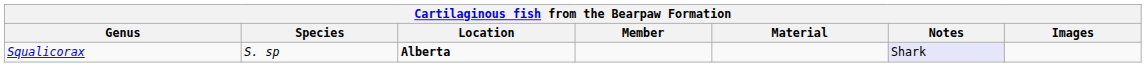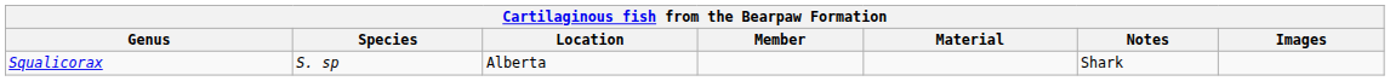 <table class="wikitable" style="margin:auto; width:100%;">
 <tr>
 <th colspan="7" align="center"><strong><a href='#'>Cartilaginous fish</a> from the Bearpaw Formation</strong></th>
 </tr>
 <tr>
 <th>Genus</th>
 <th>Species</th>
 <th>Location</th>
 <th>Member</th>
 <th>Material</th>
 <th>Notes</th>
 <th>Images</th>
 </tr>
 <tr>
 <td><em><a href='#'>Squalicorax</a></em></td>
 <td><em>S. sp</em></td>
-<td><strong>Alberta</strong></td>
+<td>Alberta</td>
 <td></td>
 <td></td>
-<td style="background: lavender;">Shark</td>
+<td>Shark</td>
 <td></td>
 </tr>
 </table>
